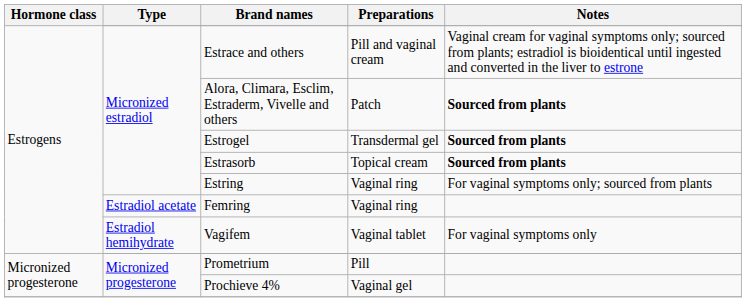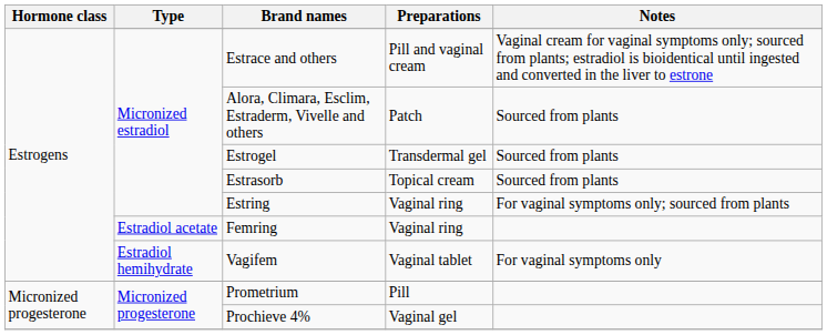 <table class = "wikitable">
 <tr>
 <th>Hormone class</th>
 <th>Type</th>
 <th>Brand names</th>
 <th>Preparations</th>
 <th>Notes</th>
 </tr>
 <tr>
 <td rowspan = 9>Estrogens</td>
 </tr>
 <tr>
 <td rowspan = 6 align = left><a href='#'>Micronized</a> <a href='#'>estradiol</a></td>
 </tr>
 <tr>
 <td>Estrace and others</td>
 <td align = left>Pill and vaginal cream</td>
 <td>Vaginal cream for vaginal symptoms only; sourced from plants; estradiol is bioidentical until ingested and converted in the liver to <a href='#'>estrone</a></td>
 </tr>
 <tr>
 <td>Alora, Climara, Esclim, Estraderm, Vivelle and others</td>
 <td>Patch</td>
-<td><strong>Sourced from plants</strong></td>
+<td>Sourced from plants</td>
 </tr>
 <tr>
 <td>Estrogel</td>
 <td>Transdermal gel</td>
-<td><strong>Sourced from plants</strong></td>
+<td>Sourced from plants</td>
 </tr>
 <tr>
 <td>Estrasorb</td>
 <td>Topical cream</td>
-<td><strong>Sourced from plants</strong></td>
+<td>Sourced from plants</td>
 </tr>
 <tr>
 <td>Estring</td>
 <td>Vaginal ring</td>
 <td>For vaginal symptoms only; sourced from plants</td>
 </tr>
 <tr>
 <td><a href='#'>Estradiol acetate</a></td>
 <td>Femring</td>
 <td>Vaginal ring</td>
 </tr>
 <tr>
 <td><a href='#'>Estradiol hemihydrate</a></td>
 <td>Vagifem</td>
 <td>Vaginal tablet</td>
 <td>For vaginal symptoms only</td>
 </tr>
 <tr>
 <td rowspan = 3 align = left>Micronized progesterone</td>
 </tr>
 <tr>
 <td rowspan = 2><a href='#'>Micronized</a> <a href='#'>progesterone</a></td>
 <td>Prometrium</td>
 <td>Pill</td>
 <td></td>
 </tr>
 <tr>
 <td>Prochieve 4%</td>
 <td>Vaginal gel</td>
 <td></td>
 </tr>
 <tr>
 </tr>
 </table>
